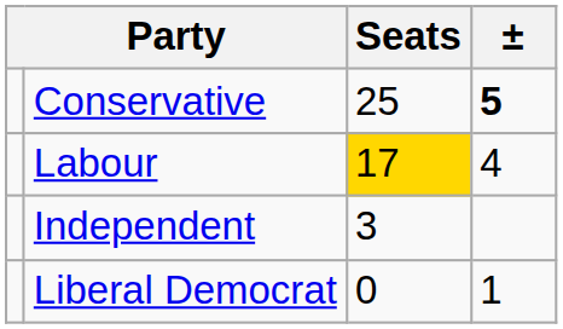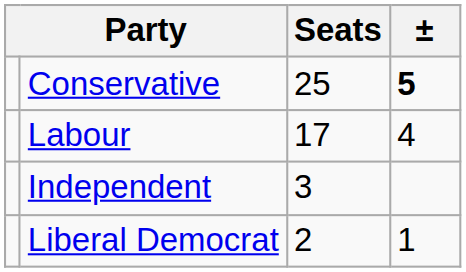 <table class="wikitable">
 <tr>
 <th colspan="2">Party</th>
 <th>Seats</th>
 <th>  ±  </th>
 </tr>
 <tr>
 <td style="background-color: "></td>
 <td><a href='#'>Conservative</a></td>
 <td>25</td>
 <td><strong> 5</strong></td>
 </tr>
 <tr>
 <td style="background-color: "></td>
 <td><a href='#'>Labour</a></td>
-<td style="background: gold;">17</td>
+<td>17</td>
 <td> 4</td>
 </tr>
 <tr>
 <td style="background-color: "></td>
 <td><a href='#'>Independent</a></td>
 <td>3</td>
 <td></td>
 </tr>
 <tr>
 <td style="background-color: "></td>
 <td><a href='#'>Liberal Democrat</a></td>
-<td>0</td>
+<td>2</td>
 <td>1</td>
 </tr>
 </table>
